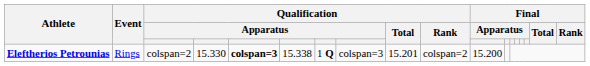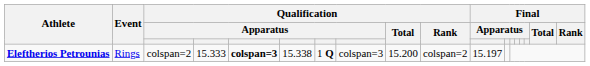 <table class="wikitable" style="font-size:90%">
 <tr>
 <th rowspan=3>Athlete</th>
 <th rowspan=3>Event</th>
 <th colspan =8>Qualification</th>
 <th colspan =8>Final</th>
 </tr>
 <tr style="font-size:95%">
 <th colspan=6>Apparatus</th>
 <th rowspan=2>Total</th>
 <th rowspan=2>Rank</th>
 <th colspan=6>Apparatus</th>
 <th rowspan=2>Total</th>
 <th rowspan=2>Rank</th>
 </tr>
 <tr style="font-size:95%">
 <th></th>
 <th></th>
 <th></th>
 <th></th>
 <th></th>
 <th></th>
 <th></th>
 <th></th>
 <th></th>
 <th></th>
 <th></th>
 <th></th>
 </tr>
 <tr align=center>
 <td align=left><strong><a href='#'>Eleftherios Petrounias</a></strong></td>
 <td align=left><a href='#'>Rings</a></td>
 <td>colspan=2 </td>
-<td>15.330</td>
+<td>15.333</td>
 <td><strong>colspan=3 </strong></td>
 <td>15.338</td>
 <td>1 <strong>Q</strong></td>
 <td>colspan=3 </td>
-<td>15.201</td>
+<td>15.200</td>
 <td>colspan=2 </td>
-<td>15.200</td>
+<td>15.197</td>
 <td></td>
 </tr>
 </table>
